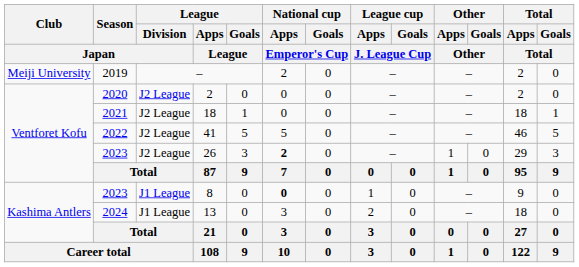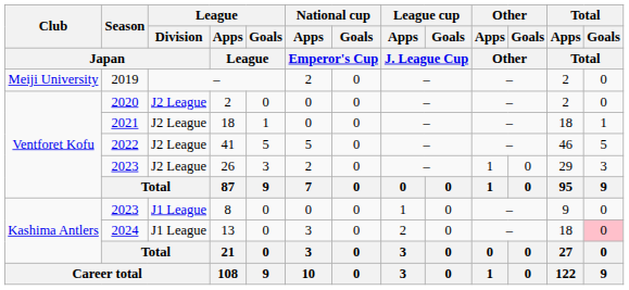 <table class="wikitable" style="text-align:center">
 <tr>
 <th rowspan=2>Club</th>
 <th rowspan=2>Season</th>
 <th colspan=3>League</th>
 <th colspan=2>National cup</th>
 <th colspan=2>League cup</th>
 <th colspan=2>Other</th>
 <th colspan=2>Total</th>
 </tr>
 <tr>
 <th>Division</th>
 <th>Apps</th>
 <th>Goals</th>
 <th>Apps</th>
 <th>Goals</th>
 <th>Apps</th>
 <th>Goals</th>
 <th>Apps</th>
 <th>Goals</th>
 <th>Apps</th>
 <th>Goals</th>
 </tr>
 <tr>
 <th colspan=3>Japan</th>
 <th colspan=2>League</th>
 <th colspan=2><a href='#'>Emperor's Cup</a></th>
 <th colspan=2><a href='#'>J. League Cup</a></th>
 <th colspan=2>Other</th>
 <th colspan=2>Total</th>
 </tr>
 <tr>
 <td><a href='#'>Meiji University</a></td>
 <td>2019</td>
 <td colspan="3">–</td>
 <td>2</td>
 <td>0</td>
 <td colspan="2">–</td>
 <td colspan="2">–</td>
 <td>2</td>
 <td>0</td>
 </tr>
 <tr>
 <td rowspan="5"><a href='#'>Ventforet Kofu</a></td>
 <td><a href='#'>2020</a></td>
 <td><a href='#'>J2 League</a></td>
 <td>2</td>
 <td>0</td>
 <td>0</td>
 <td>0</td>
 <td colspan="2">–</td>
 <td colspan="2">–</td>
 <td>2</td>
 <td>0</td>
 </tr>
 <tr>
 <td><a href='#'>2021</a></td>
 <td>J2 League</td>
 <td>18</td>
 <td>1</td>
 <td>0</td>
 <td>0</td>
 <td colspan="2">–</td>
 <td colspan="2">–</td>
 <td>18</td>
 <td>1</td>
 </tr>
 <tr>
 <td><a href='#'>2022</a></td>
 <td>J2 League</td>
 <td>41</td>
 <td>5</td>
 <td>5</td>
 <td>0</td>
 <td colspan="2">–</td>
 <td colspan="2">–</td>
 <td>46</td>
 <td>5</td>
 </tr>
 <tr>
 <td><a href='#'>2023</a></td>
 <td>J2 League</td>
 <td>26</td>
 <td>3</td>
-<td><strong>2</strong></td>
+<td>2</td>
 <td>0</td>
 <td colspan="2">–</td>
 <td>1</td>
 <td>0</td>
 <td>29</td>
 <td>3</td>
 </tr>
 <tr>
 <th colspan="2">Total</th>
 <th>87</th>
 <th>9</th>
 <th>7</th>
 <th>0</th>
 <th>0</th>
 <th>0</th>
 <th>1</th>
 <th>0</th>
 <th>95</th>
 <th>9</th>
 </tr>
 <tr>
 <td rowspan="3"><a href='#'>Kashima Antlers</a></td>
 <td><a href='#'>2023</a></td>
 <td><a href='#'>J1 League</a></td>
 <td>8</td>
 <td>0</td>
-<td><strong>0</strong></td>
+<td>0</td>
 <td>0</td>
 <td>1</td>
 <td>0</td>
 <td colspan="2">–</td>
 <td>9</td>
 <td>0</td>
 </tr>
 <tr>
 <td><a href='#'>2024</a></td>
 <td>J1 League</td>
 <td>13</td>
 <td>0</td>
 <td>3</td>
 <td>0</td>
 <td>2</td>
 <td>0</td>
 <td colspan="2">–</td>
 <td>18</td>
-<td>0</td>
+<td style="background: pink;">0</td>
 </tr>
 <tr>
 <th colspan="2">Total</th>
 <th>21</th>
 <th>0</th>
 <th>3</th>
 <th>0</th>
 <th>3</th>
 <th>0</th>
 <th>0</th>
 <th>0</th>
 <th>27</th>
 <th>0</th>
 </tr>
 <tr>
 <th colspan=3>Career total</th>
 <th>108</th>
 <th>9</th>
 <th>10</th>
 <th>0</th>
 <th>3</th>
 <th>0</th>
 <th>1</th>
 <th>0</th>
 <th>122</th>
 <th>9</th>
 </tr>
 </table>
